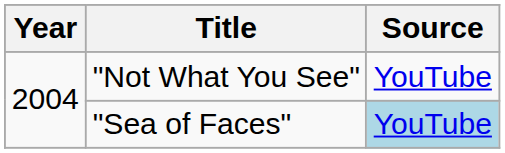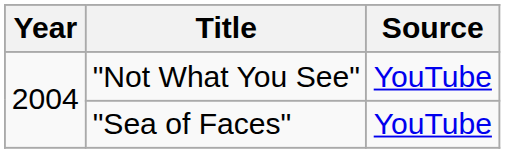 <table class="wikitable">
 <tr>
 <th>Year</th>
 <th>Title</th>
 <th>Source</th>
 </tr>
 <tr>
 <td align="center" rowspan="2">2004</td>
 <td align="left">"Not What You See"</td>
 <td align="center"><a href='#'>YouTube</a> </td>
 </tr>
 <tr>
 <td align="left">"Sea of Faces"</td>
-<td align="center" style="background: lightblue;"><a href='#'>YouTube</a> </td>
+<td align="center"><a href='#'>YouTube</a> </td>
 </tr>
 </table>
